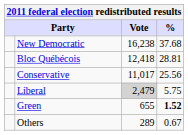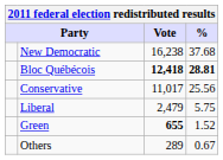 <table class="wikitable">
 <tr>
 <th colspan="4"><a href='#'>2011 federal election</a> redistributed results</th>
 </tr>
 <tr>
 <th style="background:#ddf; width:130px;" colspan="2">Party</th>
 <th style="background:#ddf; width:50px;">Vote</th>
 <th style="background:#ddf; width:30px;">%</th>
 </tr>
 <tr>
 <td> </td>
 <td><a href='#'>New Democratic</a></td>
 <td align=right>16,238</td>
 <td align=right>37.68</td>
 </tr>
 <tr>
 <td> </td>
 <td><a href='#'>Bloc Québécois</a></td>
-<td align=right>12,418</td>
-<td align=right>28.81</td>
+<td align=right><strong>12,418</strong></td>
+<td align=right><strong>28.81</strong></td>
 </tr>
 <tr>
 <td> </td>
 <td><a href='#'>Conservative</a></td>
 <td align=right>11,017</td>
 <td align=right>25.56</td>
 </tr>
 <tr>
 <td> </td>
 <td><a href='#'>Liberal</a></td>
-<td align=right style="background: lightgrey;">2,479</td>
+<td align=right>2,479</td>
 <td align=right>5.75</td>
 </tr>
 <tr>
 <td> </td>
 <td><a href='#'>Green</a></td>
-<td align=right>655</td>
-<td align=right><strong>1.52</strong></td>
+<td align=right><strong>655</strong></td>
+<td align=right>1.52</td>
 </tr>
 <tr>
 <td> </td>
 <td>Others</td>
 <td align=right>289</td>
 <td align=right>0.67</td>
 </tr>
 </table>
